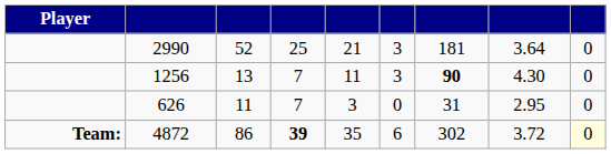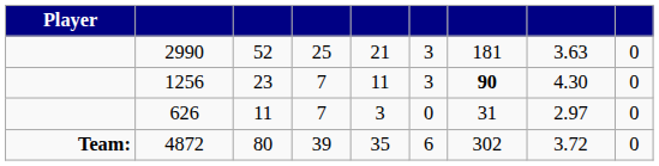 <table style="width:60%;" class="wikitable sortable">
 <tr>
 <th style="color:white; background:#000084; ">Player</th>
 <th style="color:white; background:#000084; "></th>
 <th style="color:white; background:#000084; "></th>
 <th style="color:white; background:#000084; "></th>
 <th style="color:white; background:#000084; "></th>
 <th style="color:white; background:#000084; "></th>
 <th style="color:white; background:#000084; "></th>
 <th style="color:white; background:#000084; "></th>
 <th style="color:white; background:#000084; "></th>
 </tr>
 <tr align="center">
 <td style="text-align:right;"></td>
 <td>2990</td>
 <td>52</td>
 <td>25</td>
 <td>21</td>
 <td>3</td>
 <td>181</td>
-<td>3.64</td>
+<td>3.63</td>
 <td>0</td>
 </tr>
 <tr style="text-align:center;">
 <td style="text-align:right;"></td>
 <td>1256</td>
-<td>13</td>
+<td>23</td>
 <td>7</td>
 <td>11</td>
 <td>3</td>
 <td><strong>90</strong></td>
 <td>4.30</td>
 <td>0</td>
 </tr>
 <tr style="text-align:center;">
 <td style="text-align:right;"></td>
 <td>626</td>
 <td>11</td>
 <td>7</td>
 <td>3</td>
 <td>0</td>
 <td>31</td>
-<td>2.95</td>
+<td>2.97</td>
 <td>0</td>
 </tr>
 <tr style="text-align:center;">
 <td style="text-align:right;"><strong>Team:</strong></td>
 <td>4872</td>
-<td>86</td>
-<td><strong>39</strong></td>
+<td>80</td>
+<td>39</td>
 <td>35</td>
 <td>6</td>
 <td>302</td>
 <td>3.72</td>
-<td style="background: lightyellow;">0</td>
+<td>0</td>
 </tr>
 </table>
